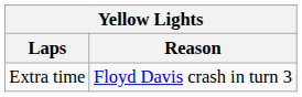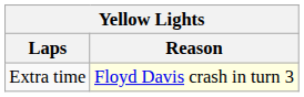 <table class="wikitable">
 <tr>
 <th colspan=2>Yellow Lights</th>
 </tr>
 <tr>
 <th>Laps</th>
 <th>Reason</th>
 </tr>
 <tr>
 <td>Extra time</td>
-<td><a href='#'>Floyd Davis</a> crash in turn 3</td>
+<td style="background: lightyellow;"><a href='#'>Floyd Davis</a> crash in turn 3</td>
 </tr>
 </table>
